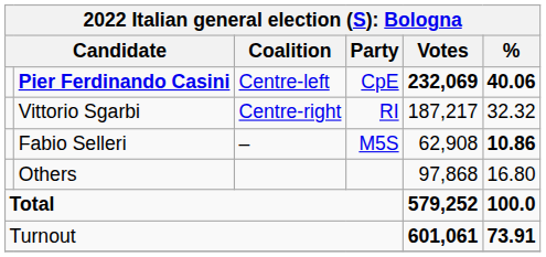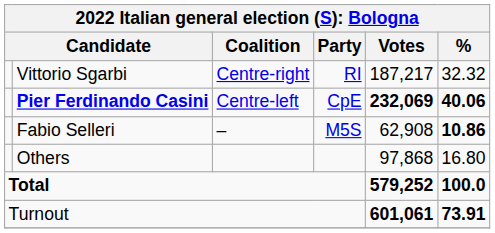 <table class=wikitable style=text-align:right>
 <tr>
 <th colspan=6>2022 Italian general election (<a href='#'>S</a>): <a href='#'>Bologna</a></th>
 </tr>
 <tr>
 <th colspan=2>Candidate</th>
 <th>Coalition</th>
 <th>Party</th>
 <th>Votes</th>
 <th>%</th>
 </tr>
 <tr>
 <td></td>
+<td align=left>Vittorio Sgarbi</td>
+<td align=left><a href='#'>Centre-right</a></td>
+<td><a href='#'>RI</a></td>
+<td>187,217</td>
+<td>32.32</td>
+</tr>
+<tr>
+<td></td>
 <td align=left><strong><a href='#'>Pier Ferdinando Casini</a></strong></td>
 <td align=left><a href='#'>Centre-left</a></td>
 <td><a href='#'>CpE</a></td>
 <td><strong>232,069</strong></td>
 <td><strong>40.06</strong></td>
-</tr>
-<tr>
-<td></td>
-<td align=left>Vittorio Sgarbi</td>
-<td align=left><a href='#'>Centre-right</a></td>
-<td><a href='#'>RI</a></td>
-<td>187,217</td>
-<td>32.32</td>
 </tr>
 <tr>
 <td></td>
 <td align=left>Fabio Selleri</td>
 <td align=left>–</td>
 <td><a href='#'>M5S</a></td>
 <td>62,908</td>
 <td><strong>10.86</strong></td>
 </tr>
 <tr>
 <td></td>
 <td align=left>Others</td>
 <td></td>
 <td></td>
 <td>97,868</td>
 <td>16.80</td>
 </tr>
 <tr>
 <td align=left colspan=4><strong>Total</strong></td>
 <td><strong>579,252</strong></td>
 <td><strong>100.0</strong></td>
 </tr>
 <tr>
 <td align=left colspan=4>Turnout</td>
 <td><strong>601,061</strong></td>
 <td><strong>73.91</strong></td>
 </tr>
 <tr>
 </tr>
 </table>
